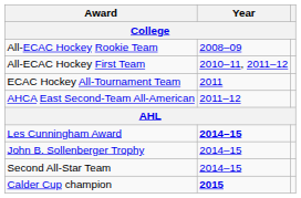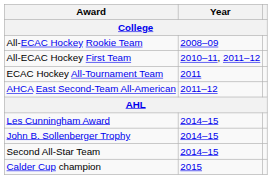 <table class="wikitable">
 <tr>
 <th>Award</th>
 <th>Year</th>
 <th></th>
 </tr>
 <tr>
 <th colspan="3"><a href='#'>College</a></th>
 </tr>
 <tr>
 <td>All-<a href='#'>ECAC Hockey</a> <a href='#'>Rookie Team</a></td>
 <td><a href='#'>2008–09</a></td>
 <td></td>
 </tr>
 <tr>
 <td>All-ECAC Hockey <a href='#'>First Team</a></td>
 <td><a href='#'>2010–11</a>, <a href='#'>2011–12</a></td>
 <td></td>
 </tr>
 <tr>
 <td>ECAC Hockey <a href='#'>All-Tournament Team</a></td>
 <td><a href='#'>2011</a></td>
 <td></td>
 </tr>
 <tr>
 <td><a href='#'>AHCA</a> <a href='#'>East Second-Team All-American</a></td>
 <td><a href='#'>2011–12</a></td>
 <td></td>
 </tr>
 <tr>
 <th colspan="3"><a href='#'>AHL</a></th>
 </tr>
 <tr>
 <td><a href='#'>Les Cunningham Award</a></td>
-<td><strong><a href='#'>2014–15</a></strong></td>
+<td><a href='#'>2014–15</a></td>
 <td></td>
 </tr>
 <tr>
 <td><a href='#'>John B. Sollenberger Trophy</a></td>
 <td><a href='#'>2014–15</a></td>
 <td></td>
 </tr>
 <tr>
 <td>Second All-Star Team</td>
 <td><a href='#'>2014–15</a></td>
 <td></td>
 </tr>
 <tr>
 <td><a href='#'>Calder Cup</a> champion</td>
-<td><strong><a href='#'>2015</a></strong></td>
+<td><a href='#'>2015</a></td>
 <td></td>
 </tr>
 </table>
